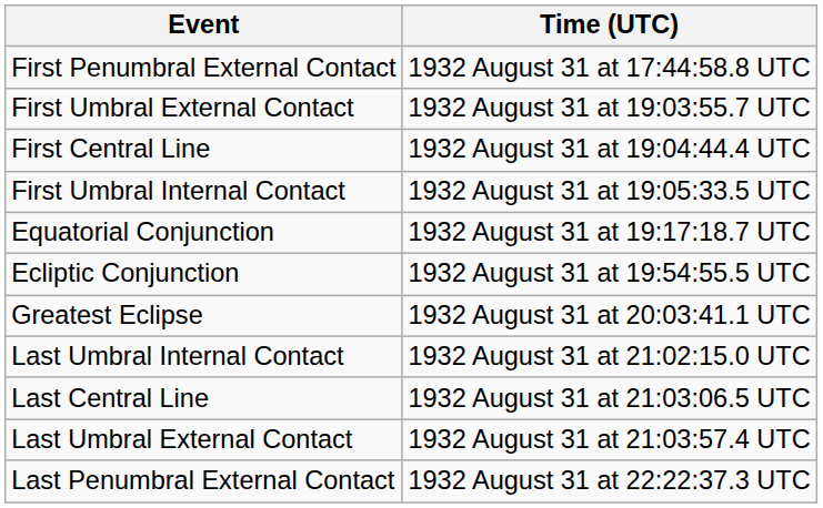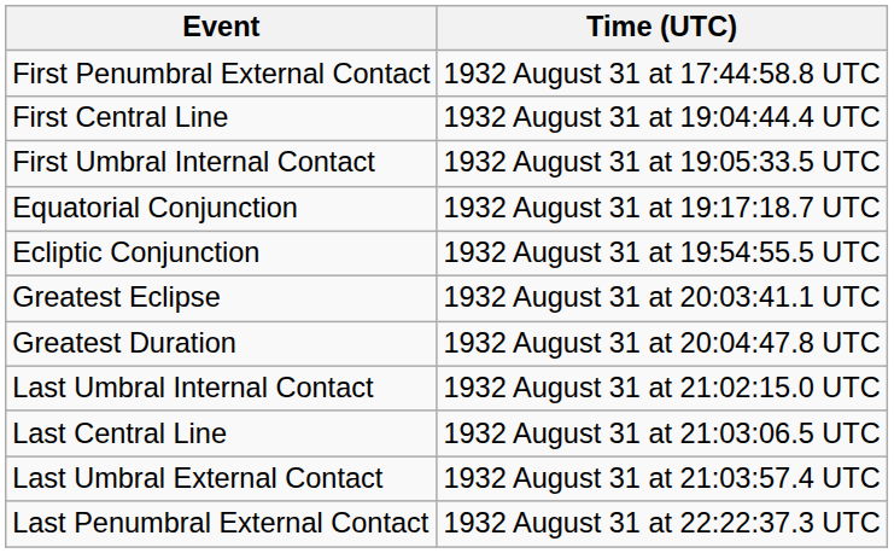 <table class="wikitable">
 <tr>
 <th>Event</th>
 <th>Time (UTC)</th>
 </tr>
 <tr>
 <td>First Penumbral External Contact</td>
 <td>1932 August 31 at 17:44:58.8 UTC</td>
-</tr>
-<tr>
-<td>First Umbral External Contact</td>
-<td>1932 August 31 at 19:03:55.7 UTC</td>
 </tr>
 <tr>
 <td>First Central Line</td>
 <td>1932 August 31 at 19:04:44.4 UTC</td>
 </tr>
 <tr>
 <td>First Umbral Internal Contact</td>
 <td>1932 August 31 at 19:05:33.5 UTC</td>
 </tr>
 <tr>
 <td>Equatorial Conjunction</td>
 <td>1932 August 31 at 19:17:18.7 UTC</td>
 </tr>
 <tr>
 <td>Ecliptic Conjunction</td>
 <td>1932 August 31 at 19:54:55.5 UTC</td>
 </tr>
 <tr>
 <td>Greatest Eclipse</td>
 <td>1932 August 31 at 20:03:41.1 UTC</td>
 </tr>
 <tr>
+<td>Greatest Duration</td>
+<td>1932 August 31 at 20:04:47.8 UTC</td>
+</tr>
+<tr>
 <td>Last Umbral Internal Contact</td>
 <td>1932 August 31 at 21:02:15.0 UTC</td>
 </tr>
 <tr>
 <td>Last Central Line</td>
 <td>1932 August 31 at 21:03:06.5 UTC</td>
 </tr>
 <tr>
 <td>Last Umbral External Contact</td>
 <td>1932 August 31 at 21:03:57.4 UTC</td>
 </tr>
 <tr>
 <td>Last Penumbral External Contact</td>
 <td>1932 August 31 at 22:22:37.3 UTC</td>
 </tr>
 </table>
